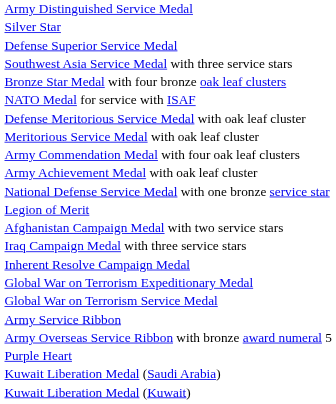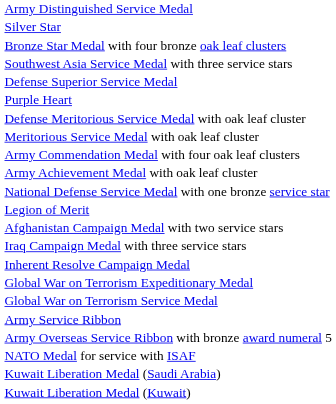 <table>
 <tr>
 <td> <a href='#'>Army Distinguished Service Medal</a></td>
 </tr>
 <tr>
 <td> <a href='#'>Silver Star</a></td>
 </tr>
 <tr>
-<td> <a href='#'>Defense Superior Service Medal</a></td>
+<td><span></span><span></span><span></span><span></span> <a href='#'>Bronze Star Medal</a> with four bronze <a href='#'>oak leaf clusters</a></td>
 </tr>
 <tr>
 <td><span></span><span></span><span></span> <a href='#'>Southwest Asia Service Medal</a> with three service stars</td>
 </tr>
 <tr>
-<td><span></span><span></span><span></span><span></span> <a href='#'>Bronze Star Medal</a> with four bronze <a href='#'>oak leaf clusters</a></td>
+<td> <a href='#'>Defense Superior Service Medal</a></td>
 </tr>
 <tr>
-<td> <a href='#'>NATO Medal</a> for service with <a href='#'>ISAF</a></td>
+<td> <a href='#'>Purple Heart</a></td>
 </tr>
 <tr>
 <td> <a href='#'>Defense Meritorious Service Medal</a> with oak leaf cluster</td>
 </tr>
 <tr>
 <td> <a href='#'>Meritorious Service Medal</a> with oak leaf cluster</td>
 </tr>
 <tr>
 <td><span></span><span></span><span></span><span></span> <a href='#'>Army Commendation Medal</a> with four oak leaf clusters</td>
 </tr>
 <tr>
 <td> <a href='#'>Army Achievement Medal</a> with oak leaf cluster</td>
 </tr>
 <tr>
 <td> <a href='#'>National Defense Service Medal</a> with one bronze <a href='#'>service star</a></td>
 </tr>
 <tr>
 <td> <a href='#'>Legion of Merit</a></td>
 </tr>
 <tr>
 <td><span></span><span></span> <a href='#'>Afghanistan Campaign Medal</a> with two service stars</td>
 </tr>
 <tr>
 <td><span></span><span></span><span></span> <a href='#'>Iraq Campaign Medal</a> with three service stars</td>
 </tr>
 <tr>
 <td> <a href='#'>Inherent Resolve Campaign Medal</a></td>
 </tr>
 <tr>
 <td> <a href='#'>Global War on Terrorism Expeditionary Medal</a></td>
 </tr>
 <tr>
 <td> <a href='#'>Global War on Terrorism Service Medal</a></td>
 </tr>
 <tr>
 <td> <a href='#'>Army Service Ribbon</a></td>
 </tr>
 <tr>
 <td><span></span> <a href='#'>Army Overseas Service Ribbon</a> with bronze <a href='#'>award numeral</a> 5</td>
 </tr>
 <tr>
-<td> <a href='#'>Purple Heart</a></td>
+<td> <a href='#'>NATO Medal</a> for service with <a href='#'>ISAF</a></td>
 </tr>
 <tr>
 <td> <a href='#'>Kuwait Liberation Medal</a> (<a href='#'>Saudi Arabia</a>)</td>
 </tr>
 <tr>
 <td> <a href='#'>Kuwait Liberation Medal</a> (<a href='#'>Kuwait</a>)</td>
 </tr>
 </table>
